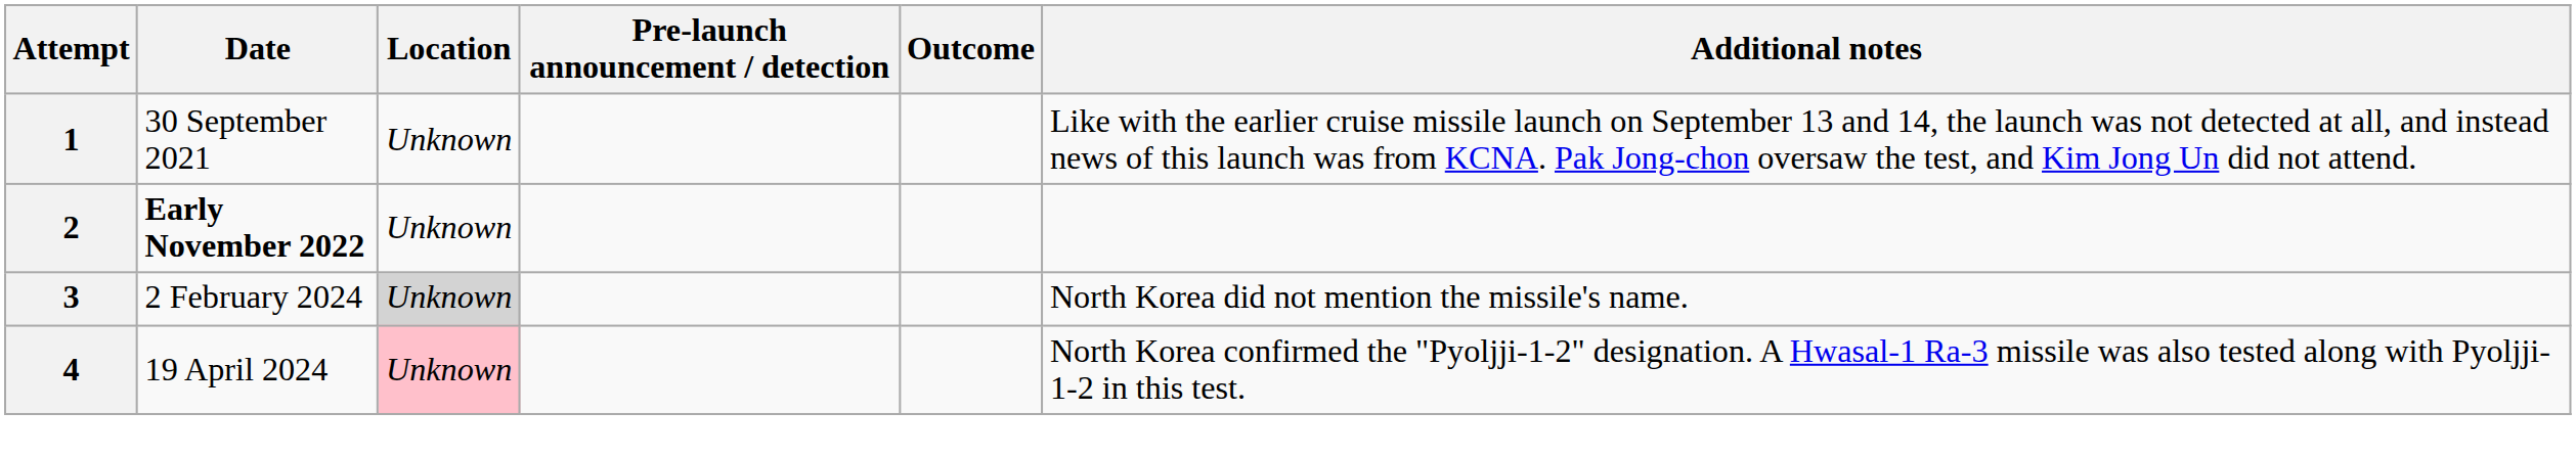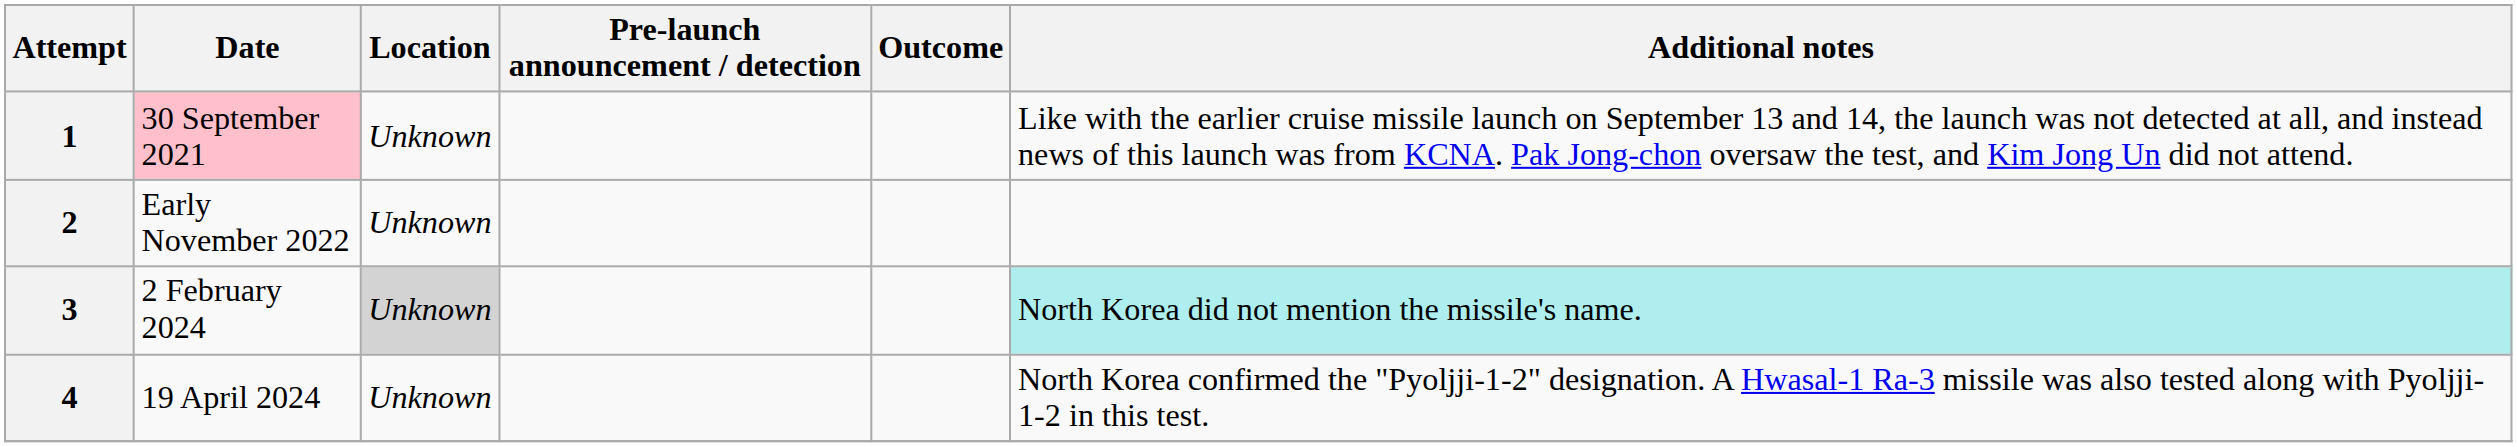 <table class="wikitable">
 <tr>
 <th scope="col">Attempt</th>
 <th scope="col">Date</th>
 <th scope="col">Location</th>
 <th scope="col">Pre-launch announcement / detection</th>
 <th scope="col">Outcome</th>
 <th scope="col">Additional notes</th>
 </tr>
 <tr>
 <th scope="row">1</th>
-<td>30 September 2021</td>
+<td style="background: pink;">30 September 2021</td>
 <td><em>Unknown</em></td>
 <td></td>
 <td></td>
 <td>Like with the earlier cruise missile launch on September 13 and 14, the launch was not detected at all, and instead news of this launch was from <a href='#'>KCNA</a>. <a href='#'>Pak Jong-chon</a> oversaw the test, and <a href='#'>Kim Jong Un</a> did not attend.</td>
 </tr>
 <tr>
 <th scope="row">2</th>
-<td><strong>Early November 2022</strong></td>
+<td>Early November 2022</td>
 <td><em>Unknown</em></td>
 <td></td>
 <td></td>
 <td></td>
 </tr>
 <tr>
 <th scope="row">3</th>
 <td>2 February 2024</td>
 <td style="background: lightgrey;"><em>Unknown</em></td>
 <td></td>
 <td></td>
-<td>North Korea did not mention the missile's name.</td>
+<td style="background: paleturquoise;">North Korea did not mention the missile's name.</td>
 </tr>
 <tr>
 <th scope="row">4</th>
 <td>19 April 2024</td>
-<td style="background: pink;"><em>Unknown</em></td>
+<td><em>Unknown</em></td>
 <td></td>
 <td></td>
 <td>North Korea confirmed the "Pyoljji-1-2" designation. A <a href='#'>Hwasal-1 Ra-3</a> missile was also tested along with Pyoljji-1-2 in this test.</td>
 </tr>
 <tr>
 </tr>
 </table>
